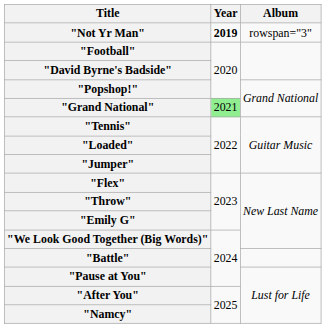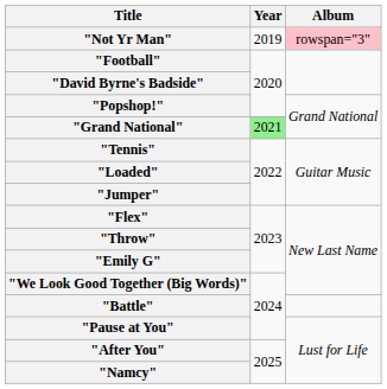 <table class="wikitable plainrowheaders" style="text-align:center;">
 <tr>
 <th scope="col">Title</th>
 <th scope="col">Year</th>
 <th scope="col">Album</th>
 </tr>
 <tr>
 <th scope="row">"Not Yr Man"</th>
-<td><strong>2019</strong></td>
-<td>rowspan="3" </td>
+<td>2019</td>
+<td style="background: pink;">rowspan="3" </td>
 </tr>
 <tr>
 <th scope="row">"Football"</th>
 <td rowspan="3">2020</td>
 </tr>
 <tr>
 <th scope="row">"David Byrne's Badside"</th>
 </tr>
 <tr>
 <th scope="row">"Popshop!"</th>
 <td rowspan="2"><em>Grand National</em></td>
 </tr>
 <tr>
 <th scope="row">"Grand National"</th>
 <td style="background: lightgreen;">2021</td>
 </tr>
 <tr>
 <th scope="row">"Tennis"</th>
 <td rowspan="3">2022</td>
 <td rowspan="3"><em>Guitar Music</em></td>
 </tr>
 <tr>
 <th scope="row">"Loaded"</th>
 </tr>
 <tr>
 <th scope="row">"Jumper"</th>
 </tr>
 <tr>
 <th scope="row">"Flex"</th>
 <td rowspan="3">2023</td>
 <td rowspan="4"><em>New Last Name</em></td>
 </tr>
 <tr>
 <th scope="row">"Throw"</th>
 </tr>
 <tr>
 <th scope="row">"Emily G"</th>
 </tr>
 <tr>
 <th scope="row">"We Look Good Together (Big Words)"</th>
 <td rowspan="3">2024</td>
 </tr>
 <tr>
 <th scope="row">"Battle"</th>
 <td></td>
 </tr>
 <tr>
 <th scope="row">"Pause at You"</th>
 <td rowspan="3"><em>Lust for Life</em></td>
 </tr>
 <tr>
 <th scope="row">"After You"</th>
 <td rowspan="2">2025</td>
 </tr>
 <tr>
 <th scope="row">"Namcy"</th>
 </tr>
 </table>
